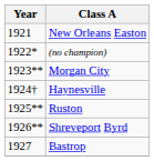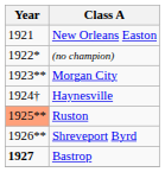 <table class="wikitable sortable">
 <tr>
 <th>Year</th>
 <th>Class A</th>
 </tr>
 <tr>
 <td>1921</td>
 <td><a href='#'>New Orleans</a> <a href='#'>Easton</a></td>
 </tr>
 <tr>
 <td>1922*</td>
 <td><small><em>(no champion)</em></small></td>
 </tr>
 <tr>
 <td>1923**</td>
 <td><a href='#'>Morgan City</a></td>
 </tr>
 <tr>
 <td>1924†</td>
 <td><a href='#'>Haynesville</a></td>
 </tr>
 <tr>
-<td>1925**</td>
+<td style="background: lightsalmon;">1925**</td>
 <td><a href='#'>Ruston</a></td>
 </tr>
 <tr>
 <td>1926**</td>
 <td><a href='#'>Shreveport</a> <a href='#'>Byrd</a></td>
 </tr>
 <tr>
-<td>1927</td>
+<td><strong>1927</strong></td>
 <td><a href='#'>Bastrop</a></td>
 </tr>
 <tr>
 </tr>
 </table>
